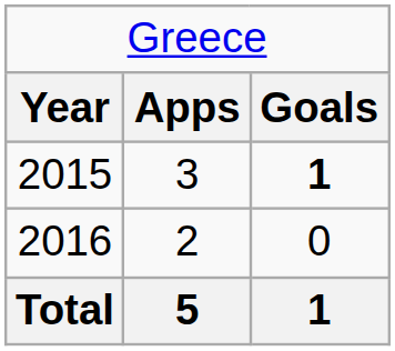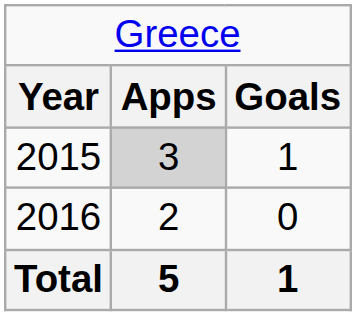 <table class="wikitable" style="text-align:center">
 <tr>
 <td colspan="5"><a href='#'>Greece</a></td>
 </tr>
 <tr>
 <th>Year</th>
 <th>Apps</th>
 <th>Goals</th>
 </tr>
 <tr>
 <td>2015</td>
-<td>3</td>
-<td><strong>1</strong></td>
+<td style="background: lightgrey;">3</td>
+<td>1</td>
 </tr>
 <tr>
 <td>2016</td>
 <td>2</td>
 <td>0</td>
 </tr>
 <tr>
 <th>Total</th>
 <th>5</th>
 <th>1</th>
 </tr>
 </table>
